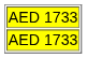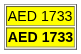 <table border="1">
 <tr ---- size="40">
 <td style="background:yellow; font-size: 14pt; color: black">AED 1733</td>
 </tr>
 <tr>
-<td style="background:yellow; font-size: 14pt; color: black">AED 1733</td>
+<td style="background:yellow; font-size: 14pt; color: black"><strong>AED 1733</strong></td>
 </tr>
 </table>
